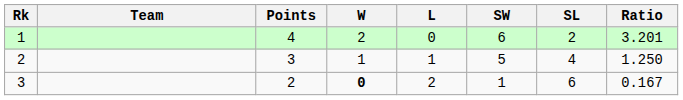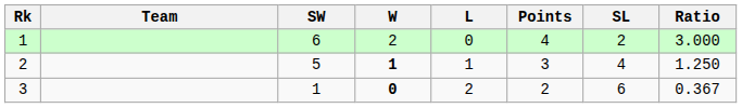 <table class=wikitable style=text-align:center>
 <tr>
 <th width=25>Rk</th>
 <th width=200>Team</th>
-<th width=60>Points</th>
+<th width=60>SW</th>
 <th width=60>W</th>
 <th width=60>L</th>
-<th width=60>SW</th>
+<th width=60>Points</th>
 <th width=60>SL</th>
 <th width=60>Ratio</th>
 </tr>
 <tr bgcolor=#ccffcc>
 <td>1</td>
 <td align=left></td>
+<td>6</td>
+<td>2</td>
+<td>0</td>
 <td>4</td>
 <td>2</td>
-<td>0</td>
-<td>6</td>
-<td>2</td>
-<td>3.201</td>
+<td>3.000</td>
 </tr>
 <tr>
 <td>2</td>
 <td align=left></td>
+<td>5</td>
+<td><strong>1</strong></td>
+<td>1</td>
 <td>3</td>
-<td>1</td>
-<td>1</td>
-<td>5</td>
 <td>4</td>
 <td>1.250</td>
 </tr>
 <tr>
 <td>3</td>
 <td align=left></td>
-<td>2</td>
+<td>1</td>
 <td><strong>0</strong></td>
 <td>2</td>
-<td>1</td>
+<td>2</td>
 <td>6</td>
-<td>0.167</td>
+<td>0.367</td>
 </tr>
 </table>
